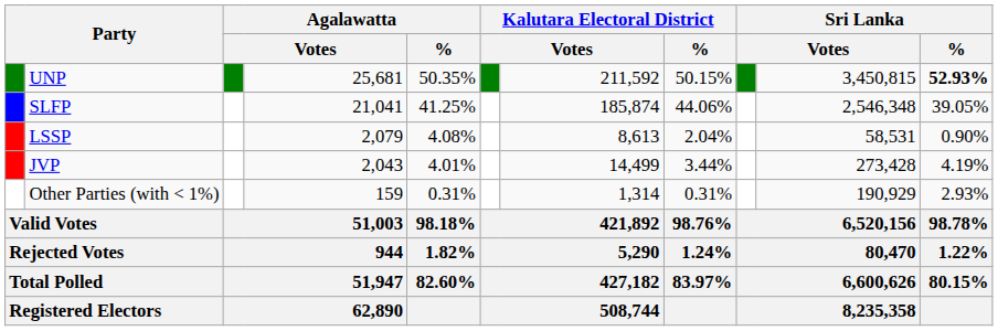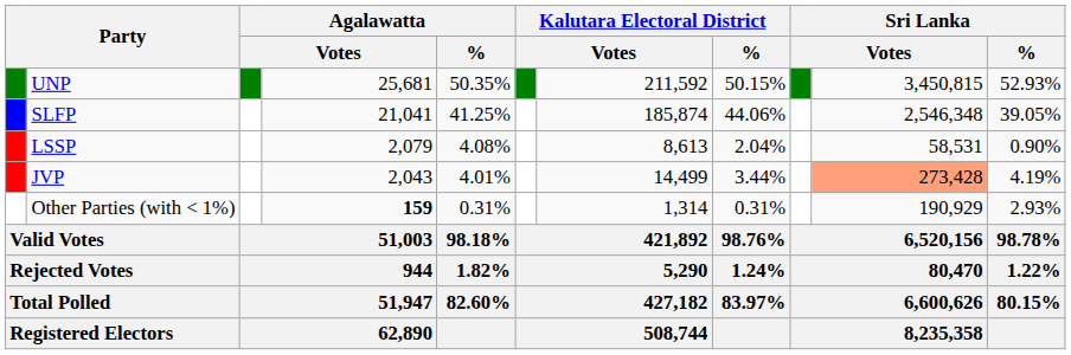 <table class="wikitable">
 <tr>
 <th colspan="2" width="144px"rowspan="2">Party</th>
 <th colspan="3" width="216px">Agalawatta</th>
 <th colspan="3" width="216px"><a href='#'>Kalutara Electoral District</a></th>
 <th colspan="3" width="216px">Sri Lanka</th>
 </tr>
 <tr>
 <th colspan="2" width="144px">Votes</th>
 <th>%</th>
 <th colspan="2" width="144px">Votes</th>
 <th>%</th>
 <th colspan="2" width="144px">Votes</th>
 <th>%</th>
 </tr>
 <tr>
 <td style="background-color:green;" width="10px"></td>
 <td style="text-align:left;"><a href='#'>UNP</a></td>
 <td style="background-color:green;" width="10px"></td>
 <td style="text-align:right;">25,681</td>
 <td style="text-align:right;">50.35%</td>
 <td style="background-color:green;" width="10px"></td>
 <td style="text-align:right;">211,592</td>
 <td style="text-align:right;">50.15%</td>
 <td style="background-color:green;" width="10px"></td>
 <td style="text-align:right;">3,450,815</td>
-<td style="text-align:right;"><strong>52.93%</strong></td>
+<td style="text-align:right;">52.93%</td>
 </tr>
 <tr>
 <td style="background-color:blue;" width="10px"></td>
 <td style="text-align:left;"><a href='#'>SLFP</a></td>
 <td style="background-color:white;" width="10px"></td>
 <td style="text-align:right;">21,041</td>
 <td style="text-align:right;">41.25%</td>
 <td style="background-color:white;" width="10px"></td>
 <td style="text-align:right;">185,874</td>
 <td style="text-align:right;">44.06%</td>
 <td style="background-color:white;" width="10px"></td>
 <td style="text-align:right;">2,546,348</td>
 <td style="text-align:right;">39.05%</td>
 </tr>
 <tr>
 <td style="background-color:red;" width="10px"></td>
 <td style="text-align:left;"><a href='#'>LSSP</a></td>
 <td style="background-color:white;" width="10px"></td>
 <td style="text-align:right;">2,079</td>
 <td style="text-align:right;">4.08%</td>
 <td style="background-color:white;" width="10px"></td>
 <td style="text-align:right;">8,613</td>
 <td style="text-align:right;">2.04%</td>
 <td style="background-color:white;" width="10px"></td>
 <td style="text-align:right;">58,531</td>
 <td style="text-align:right;">0.90%</td>
 </tr>
 <tr>
 <td style="background-color:red;" width="10px"></td>
 <td style="text-align:left;"><a href='#'>JVP</a></td>
 <td style="background-color:white;" width="10px"></td>
 <td style="text-align:right;">2,043</td>
 <td style="text-align:right;">4.01%</td>
 <td style="background-color:white;" width="10px"></td>
 <td style="text-align:right;">14,499</td>
 <td style="text-align:right;">3.44%</td>
 <td style="background-color:white;" width="10px"></td>
-<td style="text-align:right;">273,428</td>
+<td style="background: lightsalmon; text-align:right;">273,428</td>
 <td style="text-align:right;">4.19%</td>
 </tr>
 <tr>
 <td style="background-color:white;" width="10px"></td>
 <td style="text-align:left;">Other Parties (with < 1%)</td>
 <td style="background-color:white;" width="10px"></td>
-<td style="text-align:right;">159</td>
+<td style="text-align:right;"><strong>159</strong></td>
 <td style="text-align:right;">0.31%</td>
 <td style="background-color:white;" width="10px"></td>
 <td style="text-align:right;">1,314</td>
 <td style="text-align:right;">0.31%</td>
 <td style="background-color:white;" width="10px"></td>
 <td style="text-align:right;">190,929</td>
 <td style="text-align:right;">2.93%</td>
 </tr>
 <tr>
 <th colspan="2" width="144px"style="text-align:left;">Valid Votes</th>
 <th style="text-align:right;"colspan="2" width="144px">51,003</th>
 <th style="text-align:right;">98.18%</th>
 <th style="text-align:right;"colspan="2" width="144px">421,892</th>
 <th style="text-align:right;">98.76%</th>
 <th style="text-align:right;"colspan="2" width="144px">6,520,156</th>
 <th style="text-align:right;">98.78%</th>
 </tr>
 <tr>
 <th colspan="2" width="144px"style="text-align:left;">Rejected Votes</th>
 <th style="text-align:right;"colspan="2" width="144px">944</th>
 <th style="text-align:right;">1.82%</th>
 <th style="text-align:right;"colspan="2" width="144px">5,290</th>
 <th style="text-align:right;">1.24%</th>
 <th style="text-align:right;"colspan="2" width="144px">80,470</th>
 <th style="text-align:right;">1.22%</th>
 </tr>
 <tr>
 <th colspan="2" width="144px"style="text-align:left;">Total Polled</th>
 <th style="text-align:right;"colspan="2" width="144px">51,947</th>
 <th style="text-align:right;">82.60%</th>
 <th style="text-align:right;"colspan="2" width="144px">427,182</th>
 <th style="text-align:right;">83.97%</th>
 <th style="text-align:right;"colspan="2" width="144px">6,600,626</th>
 <th style="text-align:right;">80.15%</th>
 </tr>
 <tr>
 <th colspan="2" width="144px"style="text-align:left;">Registered Electors</th>
 <th style="text-align:right;"colspan="2" width="144px">62,890</th>
 <th></th>
 <th style="text-align:right;"colspan="2" width="144px">508,744</th>
 <th></th>
 <th style="text-align:right;"colspan="2" width="144px">8,235,358</th>
 <th></th>
 </tr>
 </table>
